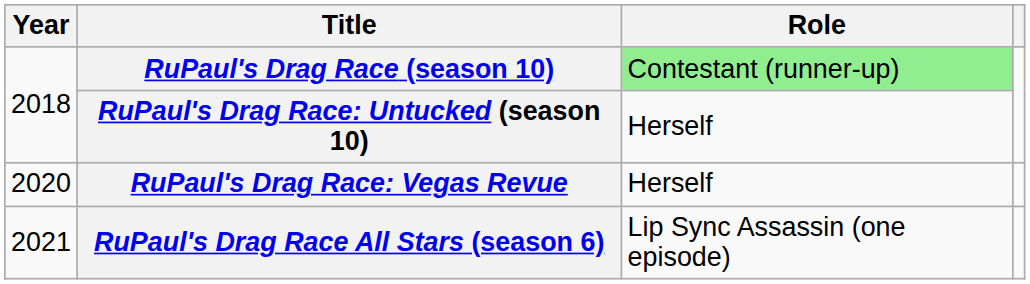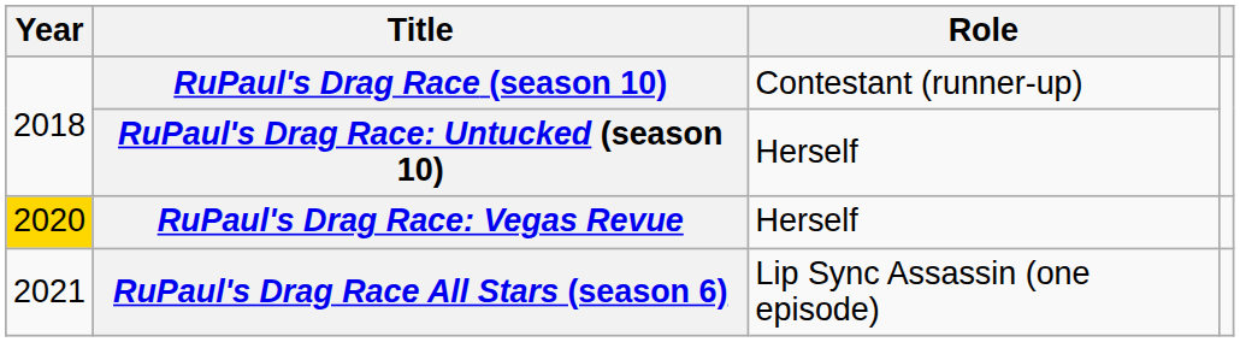 <table class="wikitable plainrowheaders sortable">
 <tr>
 <th scope="col">Year</th>
 <th scope="col">Title</th>
 <th scope="col">Role</th>
 <th style="text-align: center;" class="unsortable"></th>
 </tr>
 <tr>
 <td rowspan="2">2018</td>
 <th scope="row"><a href='#'><em>RuPaul's Drag Race</em> (season 10)</a></th>
-<td style="background: lightgreen;">Contestant (runner-up)</td>
+<td>Contestant (runner-up)</td>
 <td rowspan="2" style="text-align: center;"></td>
 </tr>
 <tr>
 <th scope="row"><em><a href='#'>RuPaul's Drag Race: Untucked</a></em> (season 10)</th>
 <td>Herself</td>
 </tr>
 <tr>
-<td>2020</td>
+<td style="background: gold;">2020</td>
 <th scope="row"><em><a href='#'>RuPaul's Drag Race: Vegas Revue</a></em></th>
 <td>Herself</td>
 <td style="text-align: center;"></td>
 </tr>
 <tr>
 <td>2021</td>
 <th scope="row"><a href='#'><em>RuPaul's Drag Race All Stars</em> (season 6)</a></th>
 <td>Lip Sync Assassin (one episode)</td>
 <td style="text-align: center;"></td>
 </tr>
 </table>
